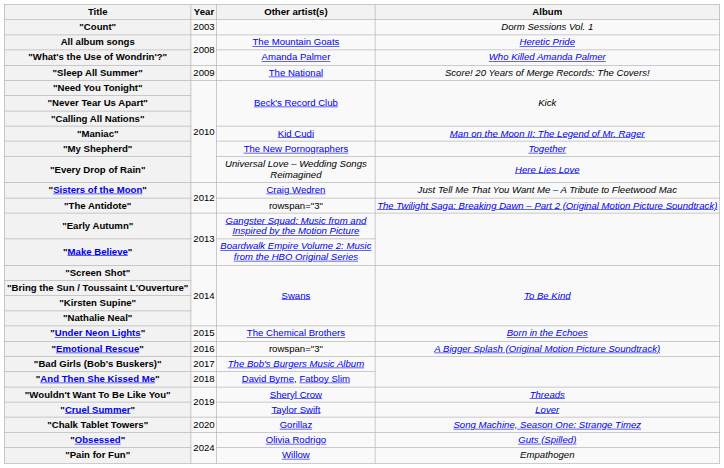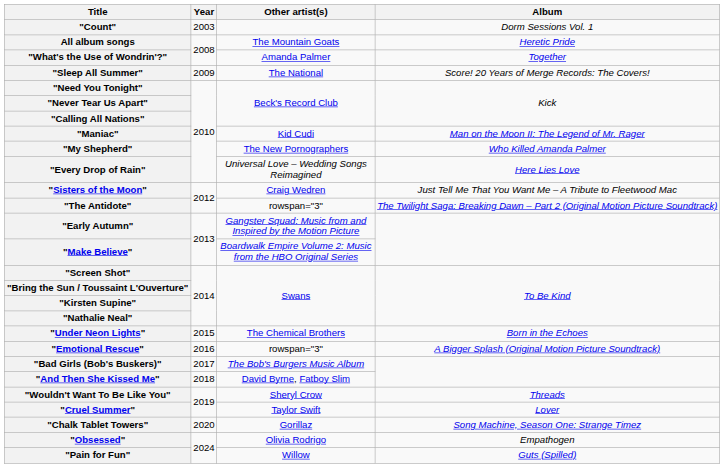 <table class="wikitable plainrowheaders" style="text-align:center;">
 <tr>
 <th scope="col" style="width:19em;">Title</th>
 <th scope="col" style="width:1em;">Year</th>
 <th scope="col" style="width:16em;">Other artist(s)</th>
 <th scope="col">Album</th>
 </tr>
 <tr>
 <th scope="row">"Count"<br></th>
 <td>2003</td>
 <td></td>
 <td><em>Dorm Sessions Vol. 1</em></td>
 </tr>
 <tr>
 <th scope="row">All album songs<br></th>
 <td rowspan="2">2008</td>
 <td><a href='#'>The Mountain Goats</a></td>
 <td><em><a href='#'>Heretic Pride</a></em></td>
 </tr>
 <tr>
 <th scope="row">"What's the Use of Wondrin'?"</th>
 <td><a href='#'>Amanda Palmer</a></td>
-<td><em><a href='#'>Who Killed Amanda Palmer</a></em></td>
+<td><em><a href='#'>Together</a></em></td>
 </tr>
 <tr>
 <th scope="row">"Sleep All Summer"</th>
 <td>2009</td>
 <td><a href='#'>The National</a></td>
 <td><em>Score! 20 Years of Merge Records: The Covers!</em></td>
 </tr>
 <tr>
 <th scope="row">"Need You Tonight"</th>
 <td rowspan="6">2010</td>
 <td rowspan="3"><a href='#'>Beck's Record Club</a></td>
 <td rowspan="3"><em>Kick</em></td>
 </tr>
 <tr>
 <th scope="row">"Never Tear Us Apart"</th>
 </tr>
 <tr>
 <th scope="row">"Calling All Nations"</th>
 </tr>
 <tr>
 <th scope="row">"Maniac"</th>
 <td><a href='#'>Kid Cudi</a></td>
 <td><em><a href='#'>Man on the Moon II: The Legend of Mr. Rager</a></em></td>
 </tr>
 <tr>
 <th scope="row">"My Shepherd"</th>
 <td><a href='#'>The New Pornographers</a></td>
-<td><em><a href='#'>Together</a></em></td>
+<td><em><a href='#'>Who Killed Amanda Palmer</a></em></td>
 </tr>
 <tr>
 <th scope="row">"Every Drop of Rain"</th>
 <td><em>Universal Love – Wedding Songs Reimagined</em></td>
 <td><em><a href='#'>Here Lies Love</a></em></td>
 </tr>
 <tr>
 <th scope="row">"<a href='#'>Sisters of the Moon</a>"</th>
 <td rowspan="2">2012</td>
 <td><a href='#'>Craig Wedren</a></td>
 <td><em>Just Tell Me That You Want Me – A Tribute to Fleetwood Mac</em></td>
 </tr>
 <tr>
 <th scope="row">"The Antidote"</th>
 <td>rowspan="3" </td>
 <td><em><a href='#'>The Twilight Saga: Breaking Dawn – Part 2 (Original Motion Picture Soundtrack)</a></em></td>
 </tr>
 <tr>
 <th scope="row">"Early Autumn"</th>
 <td rowspan="2">2013</td>
 <td><em><a href='#'>Gangster Squad: Music from and Inspired by the Motion Picture</a></em></td>
 </tr>
 <tr>
 <th scope="row">"<a href='#'>Make Believe</a>"</th>
 <td><em><a href='#'>Boardwalk Empire Volume 2: Music from the HBO Original Series</a></em></td>
 </tr>
 <tr>
 <th scope="row">"Screen Shot"</th>
 <td rowspan="4">2014</td>
 <td rowspan="4"><a href='#'>Swans</a></td>
 <td rowspan="4"><em><a href='#'>To Be Kind</a></em></td>
 </tr>
 <tr>
 <th scope="row">"Bring the Sun / Toussaint L'Ouverture"</th>
 </tr>
 <tr>
 <th scope="row">"Kirsten Supine"</th>
 </tr>
 <tr>
 <th scope="row">"Nathalie Neal"</th>
 </tr>
 <tr>
 <th scope="row">"<a href='#'>Under Neon Lights</a>"</th>
 <td>2015</td>
 <td><a href='#'>The Chemical Brothers</a></td>
 <td><em><a href='#'>Born in the Echoes</a></em></td>
 </tr>
 <tr>
 <th scope="row">"<a href='#'>Emotional Rescue</a>"</th>
 <td>2016</td>
 <td>rowspan="3" </td>
 <td><em><a href='#'>A Bigger Splash (Original Motion Picture Soundtrack)</a></em></td>
 </tr>
 <tr>
 <th scope="row">"Bad Girls (Bob's Buskers)"</th>
 <td>2017</td>
 <td><em><a href='#'>The Bob's Burgers Music Album</a></em></td>
 </tr>
 <tr>
 <th scope="row">"<a href='#'>And Then She Kissed Me</a>"</th>
 <td>2018</td>
 <td><a href='#'>David Byrne</a>, <a href='#'>Fatboy Slim</a></td>
 </tr>
 <tr>
 <th scope="row">"Wouldn't Want To Be Like You"</th>
 <td rowspan="2">2019</td>
 <td><a href='#'>Sheryl Crow</a></td>
 <td><em><a href='#'>Threads</a></em></td>
 </tr>
 <tr>
 <th scope="row">"<a href='#'>Cruel Summer</a>"</th>
 <td><a href='#'>Taylor Swift</a></td>
 <td><em><a href='#'>Lover</a></em></td>
 </tr>
 <tr>
 <th scope="row">"Chalk Tablet Towers"</th>
 <td>2020</td>
 <td><a href='#'>Gorillaz</a></td>
 <td><em><a href='#'>Song Machine, Season One: Strange Timez</a></em></td>
 </tr>
 <tr>
 <th scope="row">"<a href='#'>Obsessed</a>"</th>
 <td rowspan="2">2024</td>
 <td><a href='#'>Olivia Rodrigo</a></td>
-<td><em><a href='#'>Guts (Spilled)</a></em></td>
+<td><em>Empathogen </em></td>
 </tr>
 <tr>
 <th scope="row">"Pain for Fun"</th>
 <td><a href='#'>Willow</a></td>
-<td><em>Empathogen </em></td>
+<td><em><a href='#'>Guts (Spilled)</a></em></td>
 </tr>
 </table>
